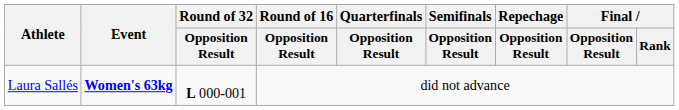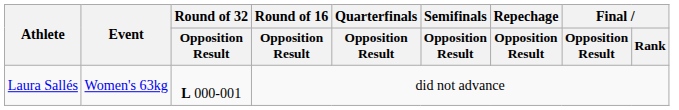 <table class="wikitable" style="font-size:90%">
 <tr>
 <th rowspan="2">Athlete</th>
 <th rowspan="2">Event</th>
 <th>Round of 32</th>
 <th>Round of 16</th>
 <th>Quarterfinals</th>
 <th>Semifinals</th>
 <th>Repechage</th>
 <th colspan=2>Final / </th>
 </tr>
 <tr style="font-size:95%">
 <th>Opposition<br>Result</th>
 <th>Opposition<br>Result</th>
 <th>Opposition<br>Result</th>
 <th>Opposition<br>Result</th>
 <th>Opposition<br>Result</th>
 <th>Opposition<br>Result</th>
 <th>Rank</th>
 </tr>
 <tr align=center>
 <td align=left><a href='#'>Laura Sallés</a></td>
-<td align=left><strong><a href='#'>Women's 63kg</a></strong></td>
+<td align=left><a href='#'>Women's 63kg</a></td>
 <td><br><strong>L</strong> 000-001</td>
 <td colspan=6>did not advance</td>
 </tr>
 </table>
